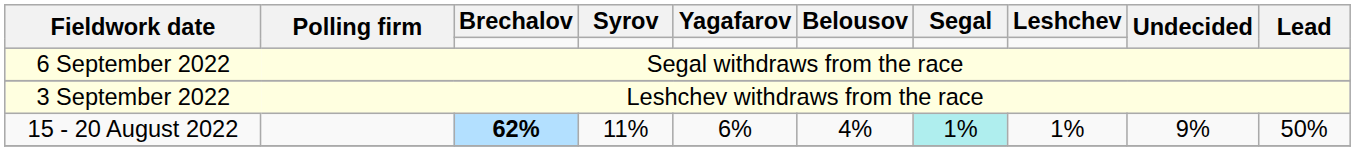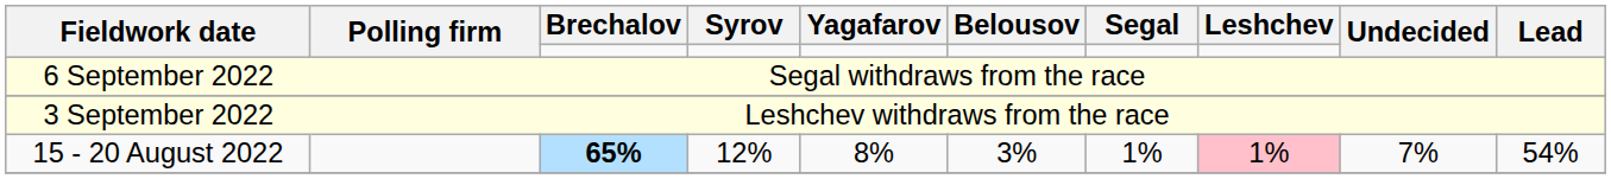 <table class=wikitable style="font-size:95%; line-height:14px; text-align:center">
 <tr>
 <th style=width:200px; rowspan=2>Fieldwork date</th>
 <th style=width:150px; rowspan=2>Polling firm</th>
 <th style="width:60px;">Brechalov</th>
 <th style="width:60px;">Syrov</th>
 <th style="width:60px;">Yagafarov</th>
 <th style="width:60px;">Belousov</th>
 <th style="width:60px;">Segal</th>
 <th style="width:60px;">Leshchev</th>
 <th style="width:60px;" rowspan=2>Undecided</th>
 <th style="width:60px;" rowspan="2">Lead</th>
 </tr>
 <tr>
 <td bgcolor=></td>
 <td bgcolor=></td>
 <td bgcolor=></td>
 <td bgcolor=></td>
 <td bgcolor=></td>
 <td bgcolor=></td>
 </tr>
 <tr style="background:lightyellow;">
 <td style="border-right-style:hidden; ">6 September 2022</td>
 <td colspan="17">Segal withdraws from the race</td>
 </tr>
 <tr>
 </tr>
 <tr style="background:lightyellow;">
 <td style="border-right-style:hidden; ">3 September 2022</td>
 <td colspan="17">Leshchev withdraws from the race</td>
 </tr>
 <tr>
 <td>15 - 20 August 2022</td>
 <td></td>
-<td style="background:#B3E0FF"><strong>62%</strong></td>
-<td>11%</td>
-<td>6%</td>
-<td>4%</td>
-<td style="background: paleturquoise;">1%</td>
+<td style="background:#B3E0FF"><strong>65%</strong></td>
+<td>12%</td>
+<td>8%</td>
+<td>3%</td>
 <td>1%</td>
-<td>9%</td>
-<td style="background:">50%</td>
+<td style="background: pink;">1%</td>
+<td>7%</td>
+<td style="background:">54%</td>
 </tr>
 <tr>
 </tr>
 </table>
